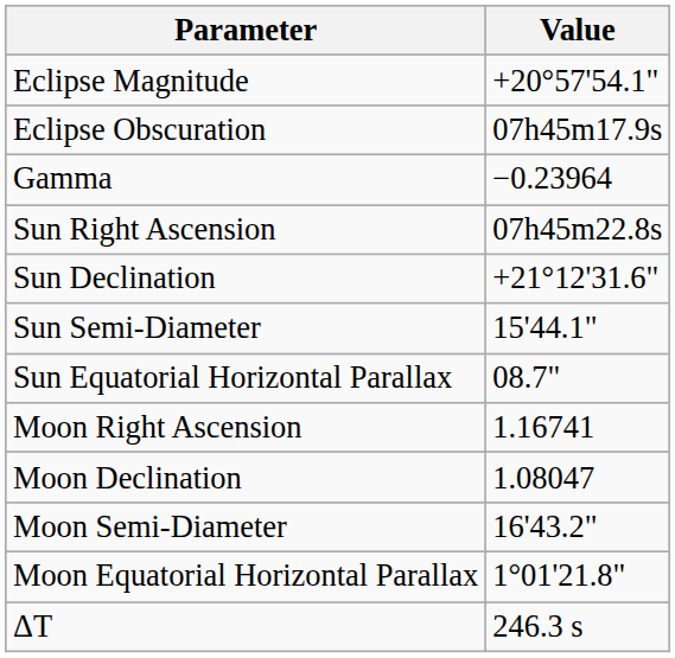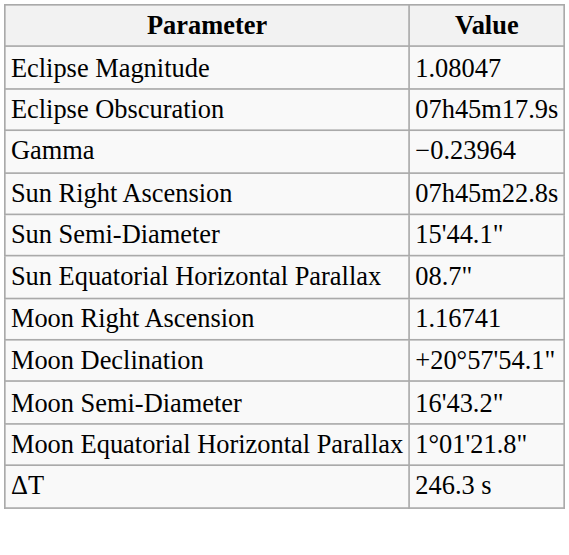 <table class="wikitable">
 <tr>
 <th>Parameter</th>
 <th>Value</th>
 </tr>
 <tr>
 <td>Eclipse Magnitude</td>
-<td>+20°57'54.1"</td>
+<td>1.08047</td>
 </tr>
 <tr>
 <td>Eclipse Obscuration</td>
 <td>07h45m17.9s</td>
 </tr>
 <tr>
 <td>Gamma</td>
 <td>−0.23964</td>
 </tr>
 <tr>
 <td>Sun Right Ascension</td>
 <td>07h45m22.8s</td>
-</tr>
-<tr>
-<td>Sun Declination</td>
-<td>+21°12'31.6"</td>
 </tr>
 <tr>
 <td>Sun Semi-Diameter</td>
 <td>15'44.1"</td>
 </tr>
 <tr>
 <td>Sun Equatorial Horizontal Parallax</td>
 <td>08.7"</td>
 </tr>
 <tr>
 <td>Moon Right Ascension</td>
 <td>1.16741</td>
 </tr>
 <tr>
 <td>Moon Declination</td>
-<td>1.08047</td>
+<td>+20°57'54.1"</td>
 </tr>
 <tr>
 <td>Moon Semi-Diameter</td>
 <td>16'43.2"</td>
 </tr>
 <tr>
 <td>Moon Equatorial Horizontal Parallax</td>
 <td>1°01'21.8"</td>
 </tr>
 <tr>
 <td>ΔT</td>
 <td>246.3 s</td>
 </tr>
 </table>
